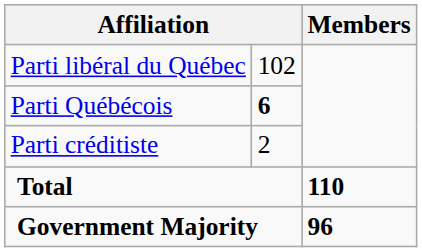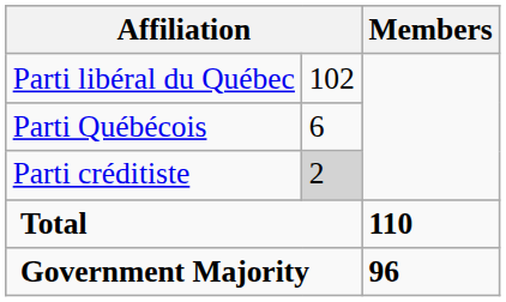 <table class="wikitable">
 <tr>
 <th colspan="2">Affiliation</th>
 <th>Members</th>
 </tr>
 <tr>
 <td align=left><a href='#'>Parti libéral du Québec</a></td>
 <td>102</td>
 </tr>
 <tr>
 <td align=left><a href='#'>Parti Québécois</a></td>
-<td><strong>6</strong></td>
+<td>6</td>
 </tr>
 <tr>
 <td align=left><a href='#'>Parti créditiste</a></td>
-<td>2</td>
+<td style="background: lightgrey;">2</td>
 </tr>
 <tr>
 <td colspan="2" style="text-align:left;"> <strong>Total</strong><br></td>
 <td><strong>110</strong></td>
 </tr>
 <tr>
 <td colspan="2" style="text-align:left;"> <strong>Government Majority</strong><br></td>
 <td><strong>96</strong></td>
 </tr>
 </table>
